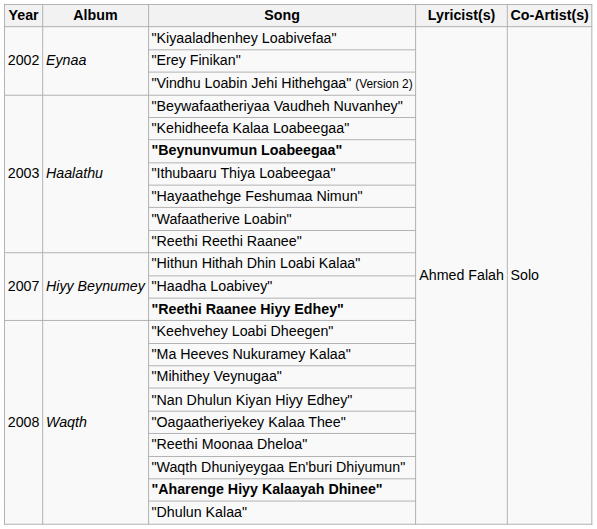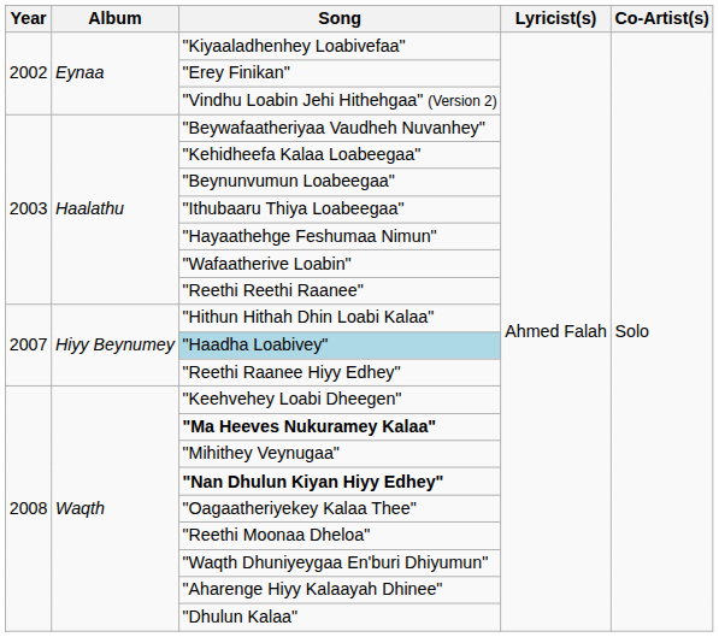 <table class="wikitable">
 <tr>
 <th>Year</th>
 <th>Album</th>
 <th>Song</th>
 <th>Lyricist(s)</th>
 <th>Co-Artist(s)</th>
 </tr>
 <tr>
 <td rowspan="3">2002</td>
 <td rowspan="3"><em>Eynaa</em></td>
 <td>"Kiyaaladhenhey Loabivefaa"</td>
 <td rowspan="22">Ahmed Falah</td>
 <td rowspan="22">Solo</td>
 </tr>
 <tr>
 <td>"Erey Finikan"</td>
 </tr>
 <tr>
 <td>"Vindhu Loabin Jehi Hithehgaa" <small>(Version 2)</small></td>
 </tr>
 <tr>
 <td rowspan="7">2003</td>
 <td rowspan="7"><em>Haalathu</em></td>
 <td>"Beywafaatheriyaa Vaudheh Nuvanhey"</td>
 </tr>
 <tr>
 <td>"Kehidheefa Kalaa Loabeegaa"</td>
 </tr>
 <tr>
-<td><strong>"Beynunvumun Loabeegaa"</strong></td>
+<td>"Beynunvumun Loabeegaa"</td>
 </tr>
 <tr>
 <td>"Ithubaaru Thiya Loabeegaa"</td>
 </tr>
 <tr>
 <td>"Hayaathehge Feshumaa Nimun"</td>
 </tr>
 <tr>
 <td>"Wafaatherive Loabin"</td>
 </tr>
 <tr>
 <td>"Reethi Reethi Raanee"</td>
 </tr>
 <tr>
 <td rowspan="3">2007</td>
 <td rowspan="3"><em>Hiyy Beynumey</em></td>
 <td>"Hithun Hithah Dhin Loabi Kalaa"</td>
 </tr>
 <tr>
-<td>"Haadha Loabivey"</td>
+<td style="background: lightblue;">"Haadha Loabivey"</td>
 </tr>
 <tr>
-<td><strong>"Reethi Raanee Hiyy Edhey"</strong></td>
+<td>"Reethi Raanee Hiyy Edhey"</td>
 </tr>
 <tr>
 <td rowspan="9">2008</td>
 <td rowspan="9"><em>Waqth</em></td>
 <td>"Keehvehey Loabi Dheegen"</td>
 </tr>
 <tr>
-<td>"Ma Heeves Nukuramey Kalaa"</td>
+<td><strong>"Ma Heeves Nukuramey Kalaa"</strong></td>
 </tr>
 <tr>
 <td>"Mihithey Veynugaa"</td>
 </tr>
 <tr>
-<td>"Nan Dhulun Kiyan Hiyy Edhey"</td>
+<td><strong>"Nan Dhulun Kiyan Hiyy Edhey"</strong></td>
 </tr>
 <tr>
 <td>"Oagaatheriyekey Kalaa Thee"</td>
 </tr>
 <tr>
 <td>"Reethi Moonaa Dheloa"</td>
 </tr>
 <tr>
 <td>"Waqth Dhuniyeygaa En'buri Dhiyumun"</td>
 </tr>
 <tr>
-<td><strong>"Aharenge Hiyy Kalaayah Dhinee"</strong></td>
+<td>"Aharenge Hiyy Kalaayah Dhinee"</td>
 </tr>
 <tr>
 <td>"Dhulun Kalaa"</td>
 </tr>
 </table>
